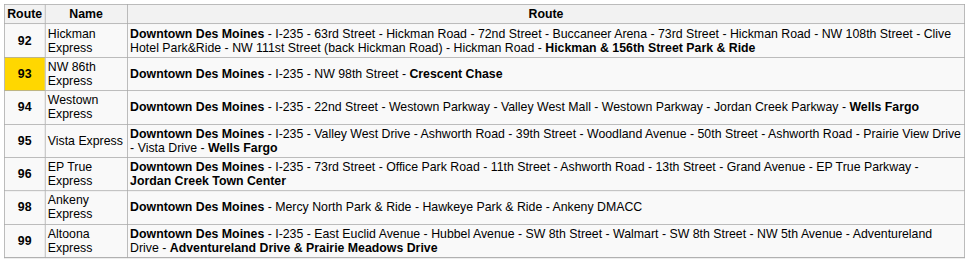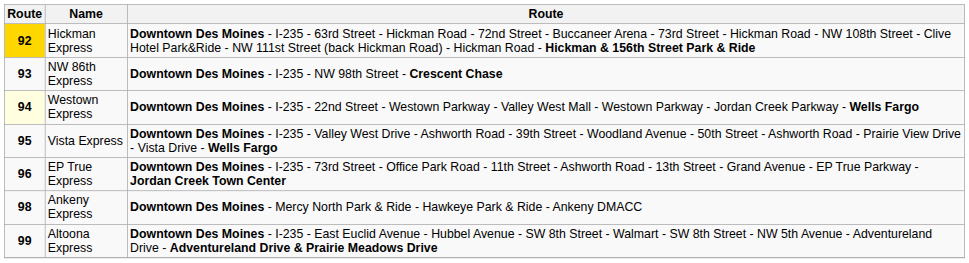 <table class="wikitable">
 <tr>
 <th>Route</th>
 <th>Name</th>
 <th>Route</th>
 </tr>
 <tr>
-<td style="font-weight:bold;text-align:center">92</td>
+<td style="background: gold; font-weight:bold;text-align:center">92</td>
 <td>Hickman Express</td>
 <td><strong>Downtown Des Moines</strong> - I-235 - 63rd Street - Hickman Road - 72nd Street - Buccaneer Arena - 73rd Street - Hickman Road - NW 108th Street - Clive Hotel Park&Ride - NW 111st Street (back Hickman Road) - Hickman Road - <strong>Hickman & 156th Street Park & Ride</strong></td>
 </tr>
 <tr>
-<td style="background: gold; font-weight:bold;text-align:center">93</td>
+<td style="font-weight:bold;text-align:center">93</td>
 <td>NW 86th Express</td>
 <td><strong>Downtown Des Moines</strong> - I-235 - NW 98th Street - <strong>Crescent Chase</strong></td>
 </tr>
 <tr>
-<td style="font-weight:bold;text-align:center">94</td>
+<td style="background: lightyellow; font-weight:bold;text-align:center">94</td>
 <td>Westown Express</td>
 <td><strong>Downtown Des Moines</strong> - I-235 - 22nd Street - Westown Parkway - Valley West Mall - Westown Parkway - Jordan Creek Parkway - <strong>Wells Fargo</strong></td>
 </tr>
 <tr>
 <td style="font-weight:bold;text-align:center">95</td>
 <td>Vista Express</td>
 <td><strong>Downtown Des Moines</strong> - I-235 - Valley West Drive - Ashworth Road - 39th Street - Woodland Avenue - 50th Street - Ashworth Road - Prairie View Drive - Vista Drive - <strong>Wells Fargo</strong></td>
 </tr>
 <tr>
 <td style="font-weight:bold;text-align:center">96</td>
 <td>EP True Express</td>
 <td><strong>Downtown Des Moines</strong> - I-235 - 73rd Street - Office Park Road - 11th Street - Ashworth Road - 13th Street - Grand Avenue - EP True Parkway - <strong>Jordan Creek Town Center</strong></td>
 </tr>
 <tr>
 <td style="font-weight:bold;text-align:center">98</td>
 <td>Ankeny Express</td>
 <td><strong>Downtown Des Moines</strong> - Mercy North Park & Ride - Hawkeye Park & Ride - Ankeny DMACC</td>
 </tr>
 <tr>
 <td style="font-weight:bold;text-align:center">99</td>
 <td>Altoona Express</td>
 <td><strong>Downtown Des Moines</strong> - I-235 - East Euclid Avenue - Hubbel Avenue - SW 8th Street - Walmart - SW 8th Street - NW 5th Avenue - Adventureland Drive - <strong>Adventureland Drive & Prairie Meadows Drive</strong></td>
 </tr>
 <tr>
 </tr>
 </table>
